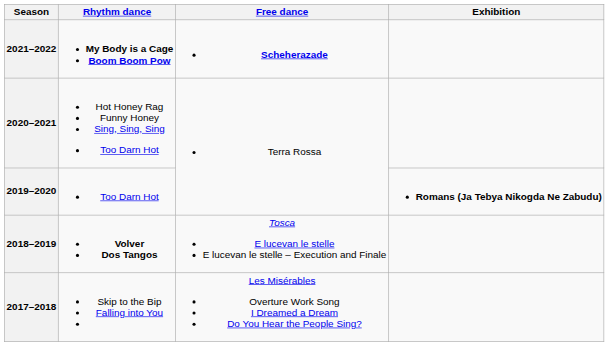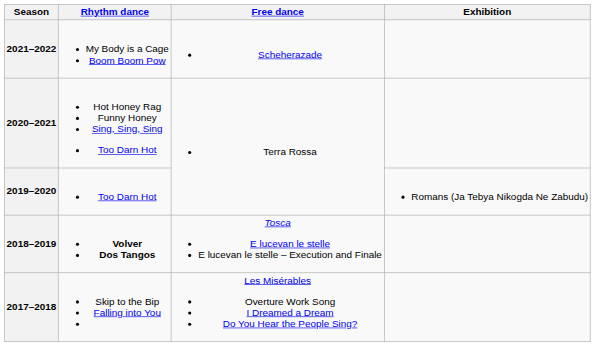 <table class=wikitable style=text-align:center>
 <tr>
 <th>Season</th>
 <th><a href='#'>Rhythm dance</a></th>
 <th><a href='#'>Free dance</a></th>
 <th>Exhibition</th>
 </tr>
 <tr>
 <th>2021–2022 <br></th>
-<td><strong><br><ul><li> My Body is a Cage <br> </li><li> <a href='#'>Boom Boom Pow</a> <br> </li></ul></strong></td>
-<td><strong><br><ul><li><a href='#'>Scheherazade</a> <br> </li></ul></strong></td>
+<td><br><ul><li> My Body is a Cage <br> </li><li> <a href='#'>Boom Boom Pow</a> <br> </li></ul></td>
+<td><br><ul><li><a href='#'>Scheherazade</a> <br> </li></ul></td>
 <td></td>
 </tr>
 <tr>
 <th>2020–2021 <br></th>
 <td><br><ul><li> Hot Honey Rag</li><li> Funny Honey <br> </li><li> <a href='#'>Sing, Sing, Sing</a> <br> </li></ul><ul><li><a href='#'>Too Darn Hot</a><br></li></ul></td>
 <td rowspan=2><br><ul><li>Terra Rossa<br></li></ul></td>
 <td></td>
 </tr>
 <tr>
 <th>2019–2020<br></th>
 <td><br><ul><li><a href='#'>Too Darn Hot</a><br></li></ul></td>
-<td><strong><br><ul><li>Romans (Ja Tebya Nikogda Ne Zabudu)<br></li></ul></strong></td>
+<td><br><ul><li>Romans (Ja Tebya Nikogda Ne Zabudu)<br></li></ul></td>
 </tr>
 <tr>
 <th>2018–2019<br></th>
 <td><strong><br><ul><li> Volver<br></li><li> Dos Tangos<br></li></ul></strong></td>
 <td><em><a href='#'>Tosca</a></em><br><ul><li><a href='#'>E lucevan le stelle</a><br></li><li>E lucevan le stelle – Execution and Finale <br></li></ul></td>
 <td></td>
 </tr>
 <tr>
 <th>2017–2018</th>
 <td><br><ul><li> Skip to the Bip</li><li> <a href='#'>Falling into You</a> <br></li><li></li></ul></td>
 <td><a href='#'>Les Misérables</a><br><ul><li>Overture Work Song</li><li><a href='#'>I Dreamed a Dream</a> <br></li><li><a href='#'>Do You Hear the People Sing?</a></li></ul></td>
 <td></td>
 </tr>
 </table>
